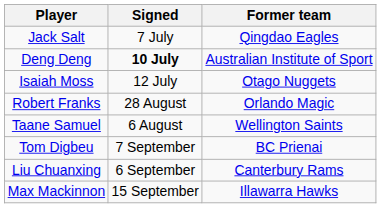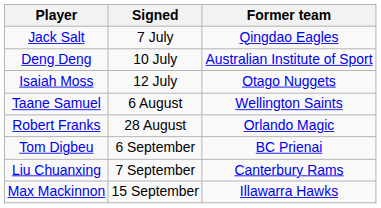 <table class="wikitable sortable sortable" style="text-align: center">
 <tr>
 <th>Player</th>
 <th>Signed</th>
 <th>Former team</th>
 </tr>
 <tr>
 <td><a href='#'>Jack Salt</a></td>
 <td>7 July</td>
 <td><a href='#'>Qingdao Eagles</a></td>
 </tr>
 <tr>
 <td><a href='#'>Deng Deng</a></td>
-<td><strong>10 July</strong></td>
+<td>10 July</td>
 <td><a href='#'>Australian Institute of Sport</a></td>
 </tr>
 <tr>
 <td><a href='#'>Isaiah Moss</a></td>
 <td>12 July</td>
 <td><a href='#'>Otago Nuggets</a></td>
 </tr>
 <tr>
+<td><a href='#'>Taane Samuel</a></td>
+<td>6 August</td>
+<td><a href='#'>Wellington Saints</a></td>
+</tr>
+<tr>
 <td><a href='#'>Robert Franks</a></td>
 <td>28 August</td>
 <td><a href='#'>Orlando Magic</a></td>
 </tr>
 <tr>
-<td><a href='#'>Taane Samuel</a></td>
-<td>6 August</td>
-<td><a href='#'>Wellington Saints</a></td>
-</tr>
-<tr>
 <td><a href='#'>Tom Digbeu</a></td>
-<td>7 September</td>
+<td>6 September</td>
 <td><a href='#'>BC Prienai</a></td>
 </tr>
 <tr>
 <td><a href='#'>Liu Chuanxing</a></td>
-<td>6 September</td>
+<td>7 September</td>
 <td><a href='#'>Canterbury Rams</a></td>
 </tr>
 <tr>
 <td><a href='#'>Max Mackinnon</a></td>
 <td>15 September</td>
 <td><a href='#'>Illawarra Hawks</a></td>
 </tr>
 </table>
